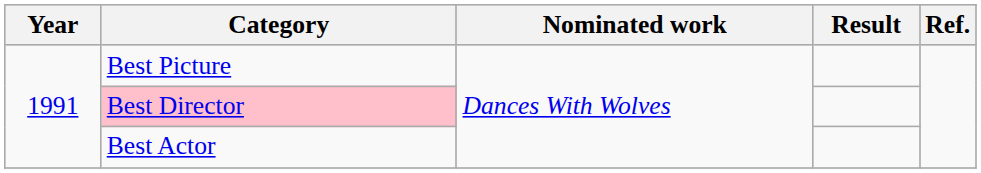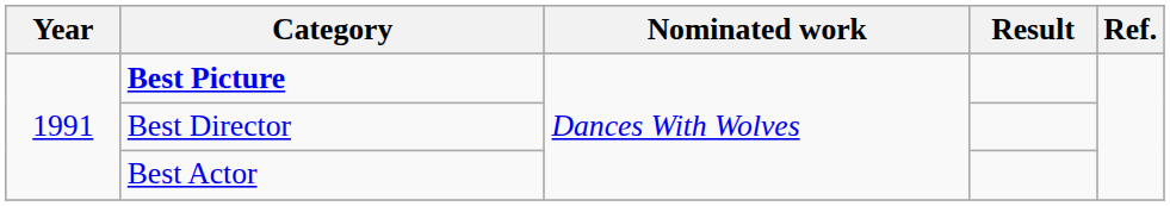 <table class=wikitable>
 <tr>
 <th scope="col" style="width:5em;">Year</th>
 <th scope="col" style="width:26em;">Category</th>
 <th scope="col" style="width:25em;">Nominated work</th>
 <th scope="col" style="width:5em;">Result</th>
 <th>Ref.</th>
 </tr>
 <tr>
 <td style="text-align:center;", rowspan="3"><a href='#'>1991</a></td>
-<td><a href='#'>Best Picture</a></td>
+<td><strong><a href='#'>Best Picture</a></strong></td>
 <td rowspan="3"><em><a href='#'>Dances With Wolves</a></em></td>
 <td></td>
 <td rowspan="3"></td>
 </tr>
 <tr>
-<td style="background: pink;"><a href='#'>Best Director</a></td>
+<td><a href='#'>Best Director</a></td>
 <td></td>
 </tr>
 <tr>
 <td><a href='#'>Best Actor</a></td>
 <td></td>
 </tr>
 </table>
